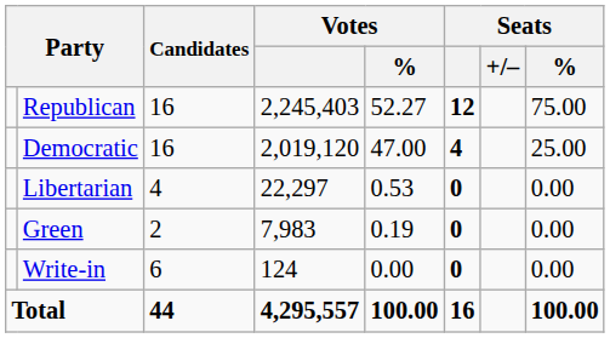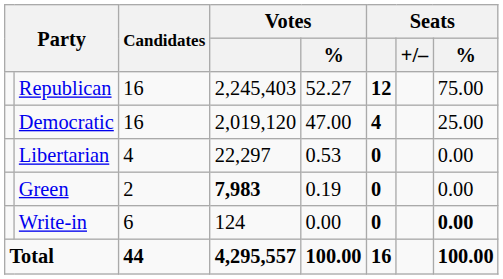 <table class="wikitable" style="font-size: 95%;">
 <tr>
 <th colspan="2" rowspan="2">Party</th>
 <th rowspan="2"><small>Candi</small><small>dates</small></th>
 <th colspan="2">Votes</th>
 <th colspan="3">Seats</th>
 </tr>
 <tr>
 <th></th>
 <th>%</th>
 <th></th>
 <th>+/–</th>
 <th>%</th>
 </tr>
 <tr>
 <td style="background:"></td>
 <td align=left><a href='#'>Republican</a></td>
 <td>16</td>
 <td>2,245,403</td>
 <td>52.27</td>
 <td><strong>12</strong></td>
 <td></td>
 <td>75.00</td>
 </tr>
 <tr>
 <td style="background:"></td>
 <td align=left><a href='#'>Democratic</a></td>
 <td>16</td>
 <td>2,019,120</td>
 <td>47.00</td>
 <td><strong>4</strong></td>
 <td></td>
 <td>25.00</td>
 </tr>
 <tr>
 <td style="background:"></td>
 <td align=left><a href='#'>Libertarian</a></td>
 <td>4</td>
 <td>22,297</td>
 <td>0.53</td>
 <td><strong>0</strong></td>
 <td></td>
 <td>0.00</td>
 </tr>
 <tr>
 <td style="background:"></td>
 <td align=left><a href='#'>Green</a></td>
 <td>2</td>
-<td>7,983</td>
+<td><strong>7,983</strong></td>
 <td>0.19</td>
 <td><strong>0</strong></td>
 <td></td>
 <td>0.00</td>
 </tr>
 <tr>
 <td style="background:"></td>
 <td align=left><a href='#'>Write-in</a></td>
 <td>6</td>
 <td>124</td>
 <td>0.00</td>
 <td><strong>0</strong></td>
 <td></td>
-<td>0.00</td>
+<td><strong>0.00</strong></td>
 </tr>
 <tr style="font-weight:bold">
 <td colspan=2 align=left>Total</td>
 <td>44</td>
 <td>4,295,557</td>
 <td>100.00</td>
 <td>16</td>
 <td></td>
 <td>100.00</td>
 </tr>
 </table>
